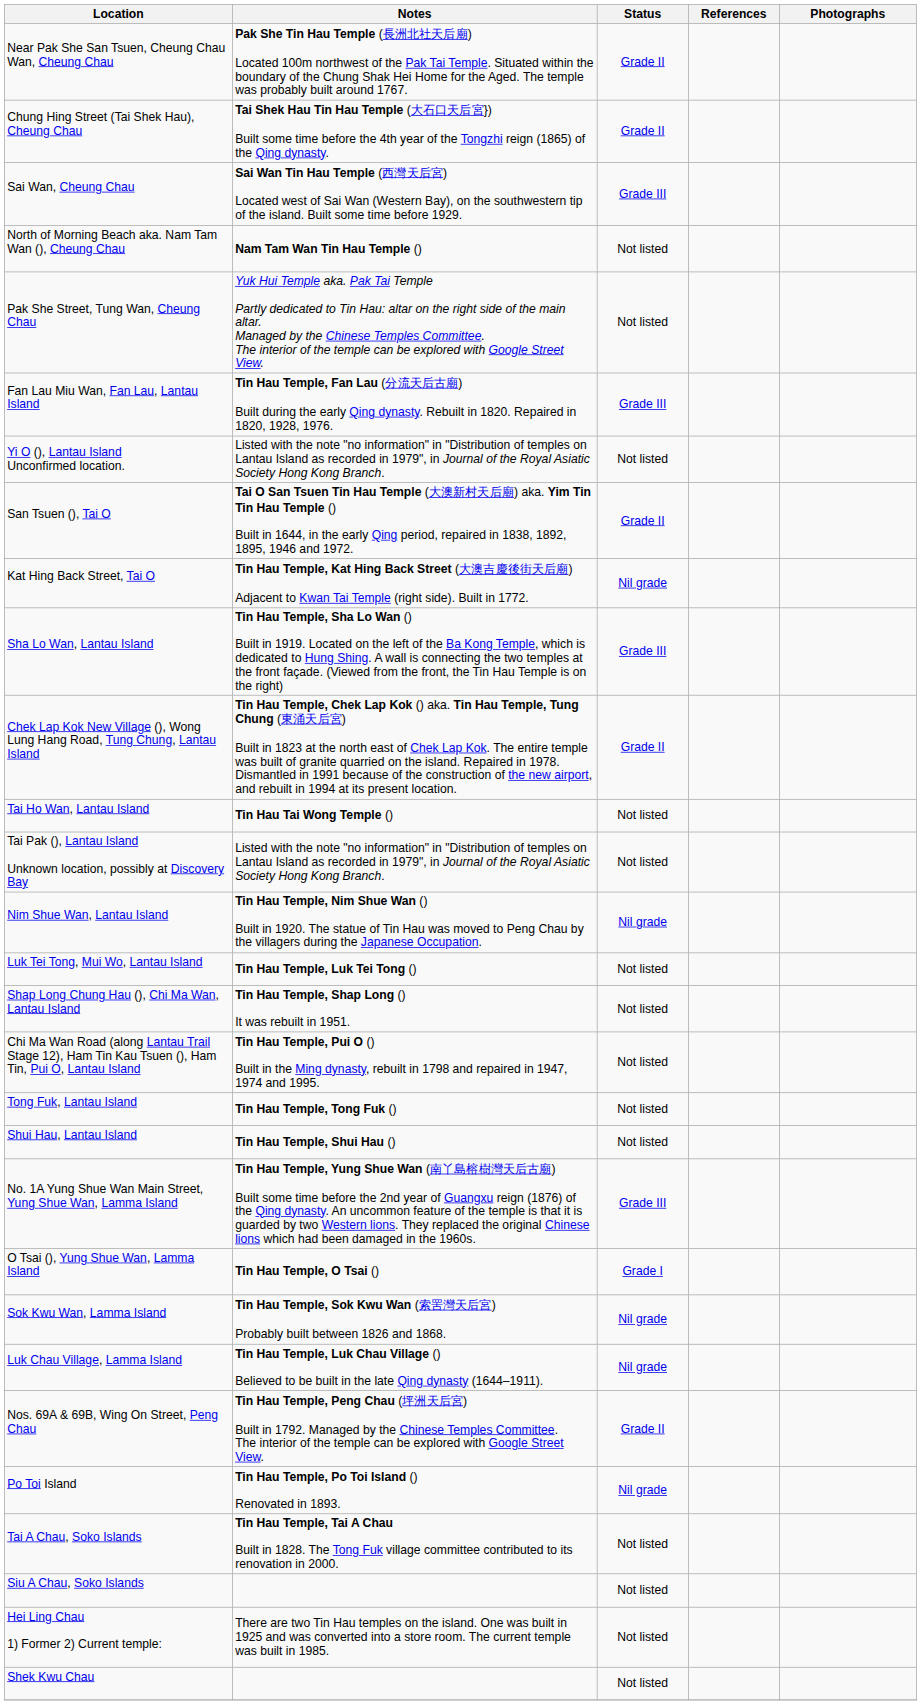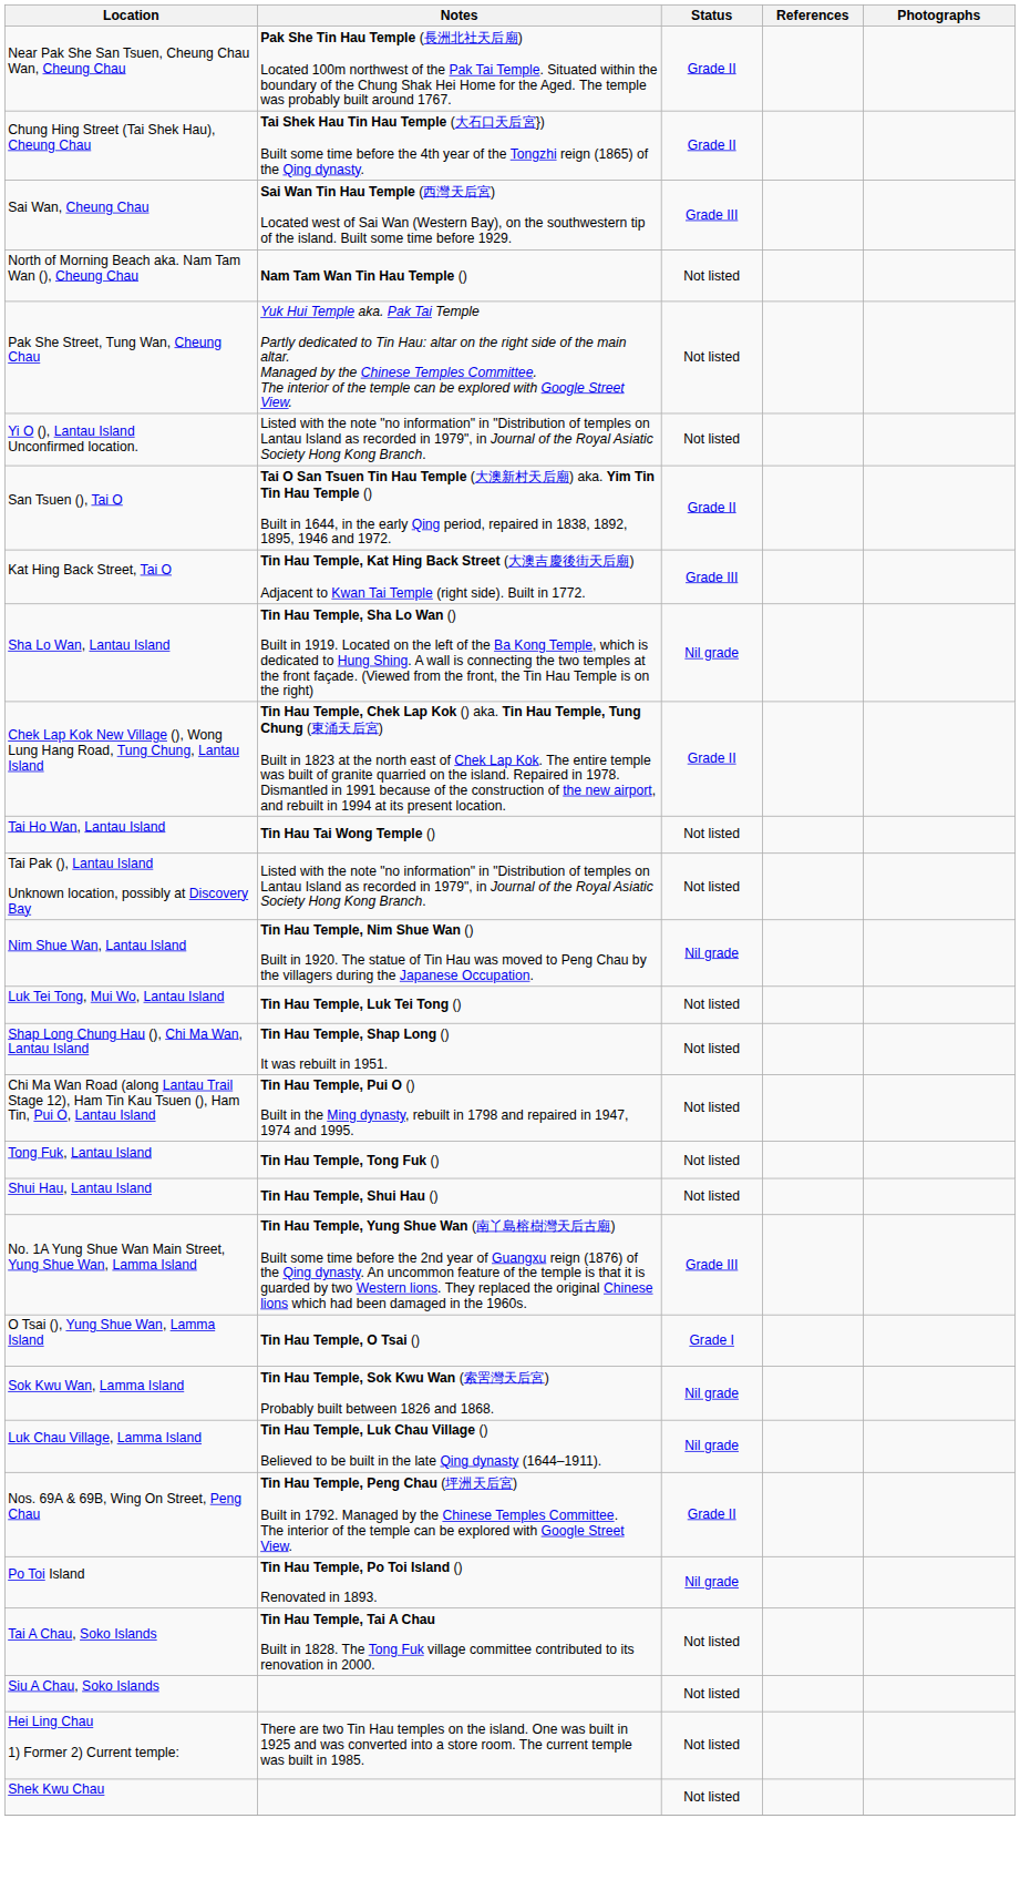 <table class="wikitable sortable" style="width:95%">
 <tr>
 <th width="25%">Location</th>
 <th width="40%">Notes</th>
 <th width="10%">Status</th>
 <th width="10%">References</th>
 <th width="15%">Photographs</th>
 </tr>
 <tr>
 <td>Near Pak She San Tsuen, Cheung Chau Wan, <a href='#'>Cheung Chau</a><br><br></td>
 <td><strong>Pak She Tin Hau Temple</strong> (<a href='#'>長洲北社天后廟</a>)<br><br>Located 100m northwest of the <a href='#'>Pak Tai Temple</a>. Situated within the boundary of the Chung Shak Hei Home for the Aged. The temple was probably built around 1767.</td>
 <td style="text-align:center"><a href='#'>Grade II</a></td>
 <td>    </td>
 <td></td>
 </tr>
 <tr>
 <td>Chung Hing Street (Tai Shek Hau), <a href='#'>Cheung Chau</a><br><br></td>
 <td><strong>Tai Shek Hau Tin Hau Temple</strong> (<a href='#'>大石口天后宮</a>})<br><br>Built some time before the 4th year of the <a href='#'>Tongzhi</a> reign (1865) of the <a href='#'>Qing dynasty</a>.</td>
 <td style="text-align:center"><a href='#'>Grade II</a></td>
 <td>    </td>
 <td></td>
 </tr>
 <tr>
 <td>Sai Wan, <a href='#'>Cheung Chau</a><br><br></td>
 <td><strong>Sai Wan Tin Hau Temple</strong> (<a href='#'>西灣天后宮</a>)<br><br>Located west of Sai Wan (Western Bay), on the southwestern tip of the island. Built some time before 1929.</td>
 <td style="text-align:center"><a href='#'>Grade III</a></td>
 <td>   </td>
 <td></td>
 </tr>
 <tr>
 <td>North of Morning Beach aka. Nam Tam Wan (), <a href='#'>Cheung Chau</a><br><br></td>
 <td><strong>Nam Tam Wan Tin Hau Temple</strong> ()</td>
 <td style="text-align:center">Not listed</td>
 <td>  </td>
 <td></td>
 </tr>
 <tr>
 <td>Pak She Street, Tung Wan, <a href='#'>Cheung Chau</a><br><br></td>
 <td><em><a href='#'>Yuk Hui Temple</a> aka. <a href='#'>Pak Tai</a> Temple</em><br><br><em>Partly dedicated to Tin Hau: altar on the right side of the main altar.</em><br><em>Managed by the <a href='#'>Chinese Temples Committee</a>.</em><br> <em>The interior of the temple can be explored with <a href='#'>Google Street View</a>.</em></td>
 <td style="text-align:center">Not listed</td>
 <td>     </td>
 <td></td>
 </tr>
 <tr>
-<td>Fan Lau Miu Wan, <a href='#'>Fan Lau</a>, <a href='#'>Lantau Island</a><br><br></td>
-<td><strong>Tin Hau Temple, Fan Lau</strong> (<a href='#'>分流天后古廟</a>)<br><br>Built during the early <a href='#'>Qing dynasty</a>. Rebuilt in 1820. Repaired in 1820, 1928, 1976.</td>
-<td style="text-align:center"><a href='#'>Grade III</a></td>
-<td>   </td>
-<td></td>
-</tr>
-<tr>
 <td><a href='#'>Yi O</a> (), <a href='#'>Lantau Island</a><br>Unconfirmed location.</td>
 <td>Listed with the note "no information" in "Distribution of temples on Lantau Island as recorded in 1979", in <em>Journal of the Royal Asiatic Society Hong Kong Branch</em>.</td>
 <td style="text-align:center">Not listed</td>
 <td></td>
 <td></td>
 </tr>
 <tr>
 <td>San Tsuen (), <a href='#'>Tai O</a><br><br></td>
 <td><strong>Tai O San Tsuen Tin Hau Temple</strong> (<a href='#'>大澳新村天后廟</a>) aka. <strong>Yim Tin Tin Hau Temple</strong> ()<br><br>Built in 1644, in the early <a href='#'>Qing</a> period, repaired in 1838, 1892, 1895, 1946 and 1972.</td>
 <td style="text-align:center"><a href='#'>Grade II</a></td>
 <td>  </td>
 <td></td>
 </tr>
 <tr>
 <td>Kat Hing Back Street, <a href='#'>Tai O</a><br><br></td>
 <td><strong>Tin Hau Temple, Kat Hing Back Street</strong> (<a href='#'>大澳吉慶後街天后廟</a>)<br><br>Adjacent to <a href='#'>Kwan Tai Temple</a> (right side). Built in 1772.</td>
-<td style="text-align:center"><a href='#'>Nil grade</a></td>
+<td style="text-align:center"><a href='#'>Grade III</a></td>
 <td>   </td>
 <td></td>
 </tr>
 <tr>
 <td><a href='#'>Sha Lo Wan</a>, <a href='#'>Lantau Island</a><br><br></td>
 <td><strong>Tin Hau Temple, Sha Lo Wan</strong> ()<br><br>Built in 1919. Located on the left of the <a href='#'>Ba Kong Temple</a>, which is dedicated to <a href='#'>Hung Shing</a>. A wall is connecting the two temples at the front façade. (Viewed from the front, the Tin Hau Temple is on the right)</td>
-<td style="text-align:center"><a href='#'>Grade III</a></td>
+<td style="text-align:center"><a href='#'>Nil grade</a></td>
 <td>    </td>
 <td></td>
 </tr>
 <tr>
 <td><a href='#'>Chek Lap Kok New Village</a> (), Wong Lung Hang Road, <a href='#'>Tung Chung</a>, <a href='#'>Lantau Island</a><br><br></td>
 <td><strong>Tin Hau Temple, Chek Lap Kok</strong> () aka. <strong>Tin Hau Temple, Tung Chung</strong> (<a href='#'>東涌天后宮</a>)<br><br>Built in 1823 at the north east of <a href='#'>Chek Lap Kok</a>. The entire temple was built of granite quarried on the island. Repaired in 1978. Dismantled in 1991 because of the construction of <a href='#'>the new airport</a>, and rebuilt in 1994 at its present location.</td>
 <td style="text-align:center"><a href='#'>Grade II</a></td>
 <td>    </td>
 <td></td>
 </tr>
 <tr>
 <td><a href='#'>Tai Ho Wan</a>, <a href='#'>Lantau Island</a><br><br></td>
 <td><strong>Tin Hau Tai Wong Temple</strong> ()</td>
 <td style="text-align:center">Not listed</td>
 <td></td>
 <td></td>
 </tr>
 <tr>
 <td>Tai Pak (), <a href='#'>Lantau Island</a><br><br>Unknown location, possibly at <a href='#'>Discovery Bay</a></td>
 <td>Listed with the note "no information" in "Distribution of temples on Lantau Island as recorded in 1979", in <em>Journal of the Royal Asiatic Society Hong Kong Branch</em>.</td>
 <td style="text-align:center">Not listed</td>
 <td></td>
 <td></td>
 </tr>
 <tr>
 <td><a href='#'>Nim Shue Wan</a>, <a href='#'>Lantau Island</a><br><br></td>
 <td><strong>Tin Hau Temple, Nim Shue Wan</strong> ()<br><br>Built in 1920. The statue of Tin Hau was moved to Peng Chau by the villagers during the <a href='#'>Japanese Occupation</a>.</td>
 <td style="text-align:center"><a href='#'>Nil grade</a></td>
 <td>    </td>
 <td></td>
 </tr>
 <tr>
 <td><a href='#'>Luk Tei Tong</a>, <a href='#'>Mui Wo</a>, <a href='#'>Lantau Island</a><br><br></td>
 <td><strong>Tin Hau Temple, Luk Tei Tong</strong> ()</td>
 <td style="text-align:center">Not listed</td>
 <td> </td>
 <td></td>
 </tr>
 <tr>
 <td><a href='#'>Shap Long Chung Hau</a> (), <a href='#'>Chi Ma Wan</a>, <a href='#'>Lantau Island</a><br><br></td>
 <td><strong>Tin Hau Temple, Shap Long</strong> ()<br><br>It was rebuilt in 1951.</td>
 <td style="text-align:center">Not listed</td>
 <td>   </td>
 <td></td>
 </tr>
 <tr>
 <td>Chi Ma Wan Road (along <a href='#'>Lantau Trail</a> Stage 12), Ham Tin Kau Tsuen (), Ham Tin, <a href='#'>Pui O</a>, <a href='#'>Lantau Island</a><br><br></td>
 <td><strong>Tin Hau Temple, Pui O</strong> ()<br><br>Built in the <a href='#'>Ming dynasty</a>, rebuilt in 1798 and repaired in 1947, 1974 and 1995.</td>
 <td style="text-align:center">Not listed</td>
 <td> </td>
 <td></td>
 </tr>
 <tr>
 <td><a href='#'>Tong Fuk</a>, <a href='#'>Lantau Island</a><br><br></td>
 <td><strong>Tin Hau Temple, Tong Fuk</strong> ()</td>
 <td style="text-align:center">Not listed</td>
 <td></td>
 <td></td>
 </tr>
 <tr>
 <td><a href='#'>Shui Hau</a>, <a href='#'>Lantau Island</a><br><br></td>
 <td><strong>Tin Hau Temple, Shui Hau</strong> ()</td>
 <td style="text-align:center">Not listed</td>
 <td> </td>
 <td></td>
 </tr>
 <tr>
 <td>No. 1A Yung Shue Wan Main Street, <a href='#'>Yung Shue Wan</a>, <a href='#'>Lamma Island</a><br><br></td>
 <td><strong>Tin Hau Temple, Yung Shue Wan</strong> (<a href='#'>南丫島榕樹灣天后古廟</a>)<br><br>Built some time before the 2nd year of <a href='#'>Guangxu</a> reign (1876) of the <a href='#'>Qing dynasty</a>. An uncommon feature of the temple is that it is guarded by two <a href='#'>Western lions</a>. They replaced the original <a href='#'>Chinese lions</a> which had been damaged in the 1960s.</td>
 <td style="text-align:center"><a href='#'>Grade III</a></td>
 <td>      </td>
 <td></td>
 </tr>
 <tr>
 <td>O Tsai (), <a href='#'>Yung Shue Wan</a>, <a href='#'>Lamma Island</a><br><br></td>
 <td><strong>Tin Hau Temple, O Tsai</strong> ()</td>
 <td style="text-align:center"><a href='#'>Grade I</a></td>
 <td></td>
 <td></td>
 </tr>
 <tr>
 <td><a href='#'>Sok Kwu Wan</a>, <a href='#'>Lamma Island</a><br><br></td>
 <td><strong>Tin Hau Temple, Sok Kwu Wan</strong> (<a href='#'>索罟灣天后宮</a>)<br><br>Probably built between 1826 and 1868.</td>
 <td style="text-align:center"><a href='#'>Nil grade</a></td>
 <td>     </td>
 <td></td>
 </tr>
 <tr>
 <td><a href='#'>Luk Chau Village</a>, <a href='#'>Lamma Island</a><br><br></td>
 <td><strong>Tin Hau Temple, Luk Chau Village</strong> ()<br><br>Believed to be built in the late <a href='#'>Qing dynasty</a> (1644–1911).</td>
 <td style="text-align:center"><a href='#'>Nil grade</a></td>
 <td>   </td>
 <td></td>
 </tr>
 <tr>
 <td>Nos. 69A & 69B, Wing On Street, <a href='#'>Peng Chau</a><br><br></td>
 <td><strong>Tin Hau Temple, Peng Chau</strong> (<a href='#'>坪洲天后宮</a>)<br><br>Built in 1792. Managed by the <a href='#'>Chinese Temples Committee</a>.<br> The interior of the temple can be explored with <a href='#'>Google Street View</a>.</td>
 <td style="text-align:center"><a href='#'>Grade II</a></td>
 <td>    </td>
 <td></td>
 </tr>
 <tr>
 <td><a href='#'>Po Toi</a> Island<br><br></td>
 <td><strong>Tin Hau Temple, Po Toi Island</strong> ()<br><br>Renovated in 1893.</td>
 <td style="text-align:center"><a href='#'>Nil grade</a></td>
 <td>    </td>
 <td></td>
 </tr>
 <tr>
 <td><a href='#'>Tai A Chau</a>, <a href='#'>Soko Islands</a><br><br></td>
 <td><strong>Tin Hau Temple, Tai A Chau</strong><br><br>Built in 1828. The <a href='#'>Tong Fuk</a> village committee contributed to its renovation in 2000.</td>
 <td style="text-align:center">Not listed</td>
 <td></td>
 <td></td>
 </tr>
 <tr>
 <td><a href='#'>Siu A Chau</a>, <a href='#'>Soko Islands</a><br><br></td>
 <td></td>
 <td style="text-align:center">Not listed</td>
 <td> </td>
 <td></td>
 </tr>
 <tr>
 <td><a href='#'>Hei Ling Chau</a><br><br>1) Former 2) Current temple:<br> <br> </td>
 <td>There are two Tin Hau temples on the island. One was built in 1925 and was converted into a store room. The current temple was built in 1985.</td>
 <td style="text-align:center">Not listed</td>
 <td> </td>
 <td></td>
 </tr>
 <tr>
 <td><a href='#'>Shek Kwu Chau</a><br><br></td>
 <td></td>
 <td style="text-align:center">Not listed</td>
 <td> </td>
 <td></td>
 </tr>
 <tr>
 </tr>
 </table>
